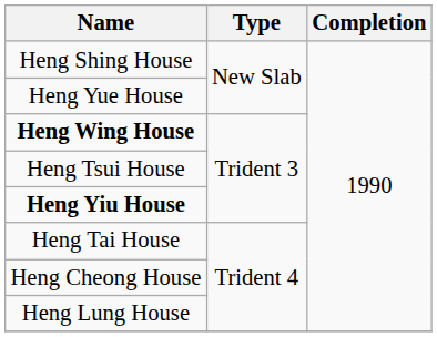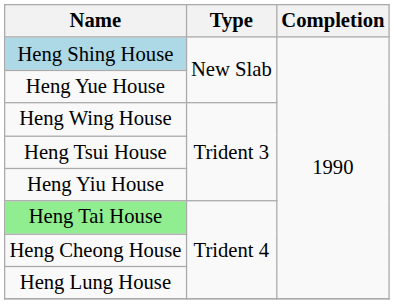 <table class="wikitable" style="text-align: center">
 <tr>
 <th>Name</th>
 <th>Type</th>
 <th>Completion</th>
 </tr>
 <tr>
-<td>Heng Shing House</td>
+<td style="background: lightblue;">Heng Shing House</td>
 <td rowspan="2">New Slab</td>
 <td rowspan="8">1990</td>
 </tr>
 <tr>
 <td>Heng Yue House</td>
 </tr>
 <tr>
-<td><strong>Heng Wing House</strong></td>
+<td>Heng Wing House</td>
 <td rowspan="3">Trident 3</td>
 </tr>
 <tr>
 <td>Heng Tsui House</td>
 </tr>
 <tr>
-<td><strong>Heng Yiu House</strong></td>
+<td>Heng Yiu House</td>
 </tr>
 <tr>
-<td>Heng Tai House</td>
+<td style="background: lightgreen;">Heng Tai House</td>
 <td rowspan="3">Trident 4</td>
 </tr>
 <tr>
 <td>Heng Cheong House</td>
 </tr>
 <tr>
 <td>Heng Lung House</td>
 </tr>
 <tr>
 </tr>
 </table>
